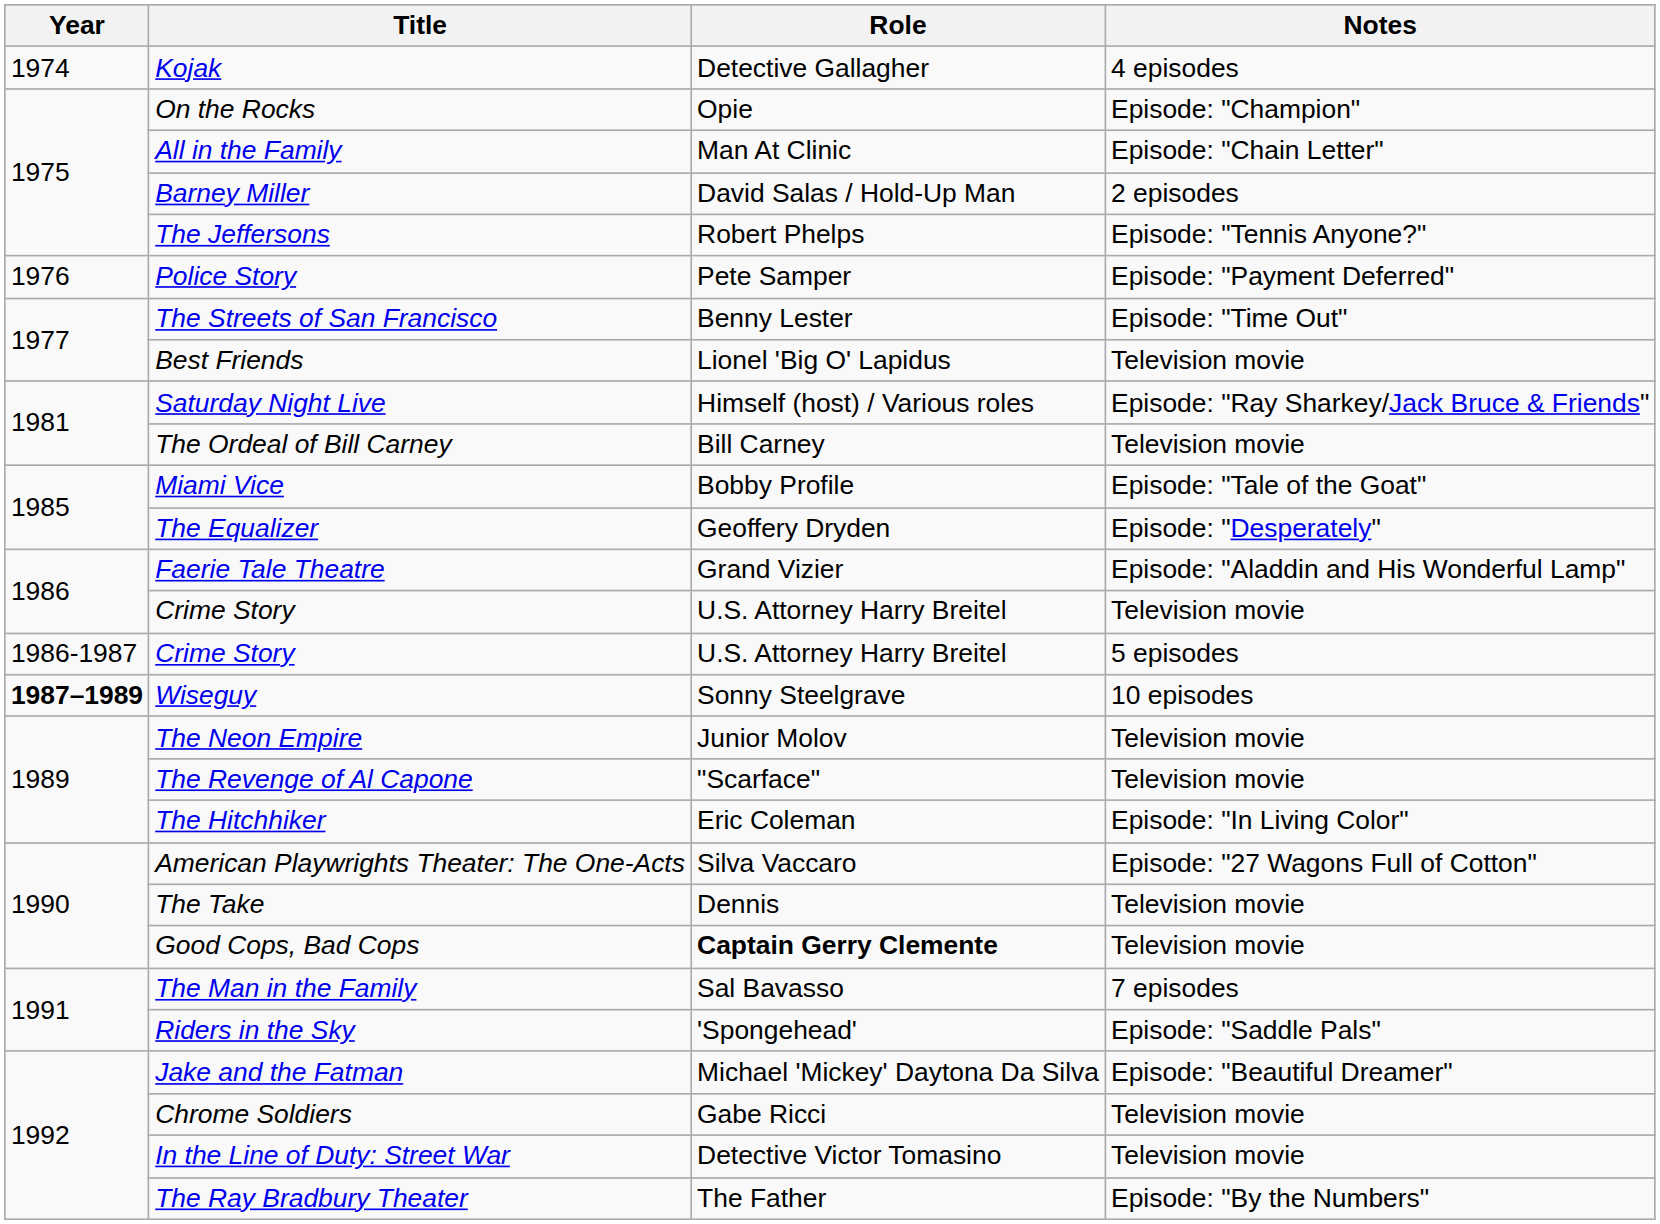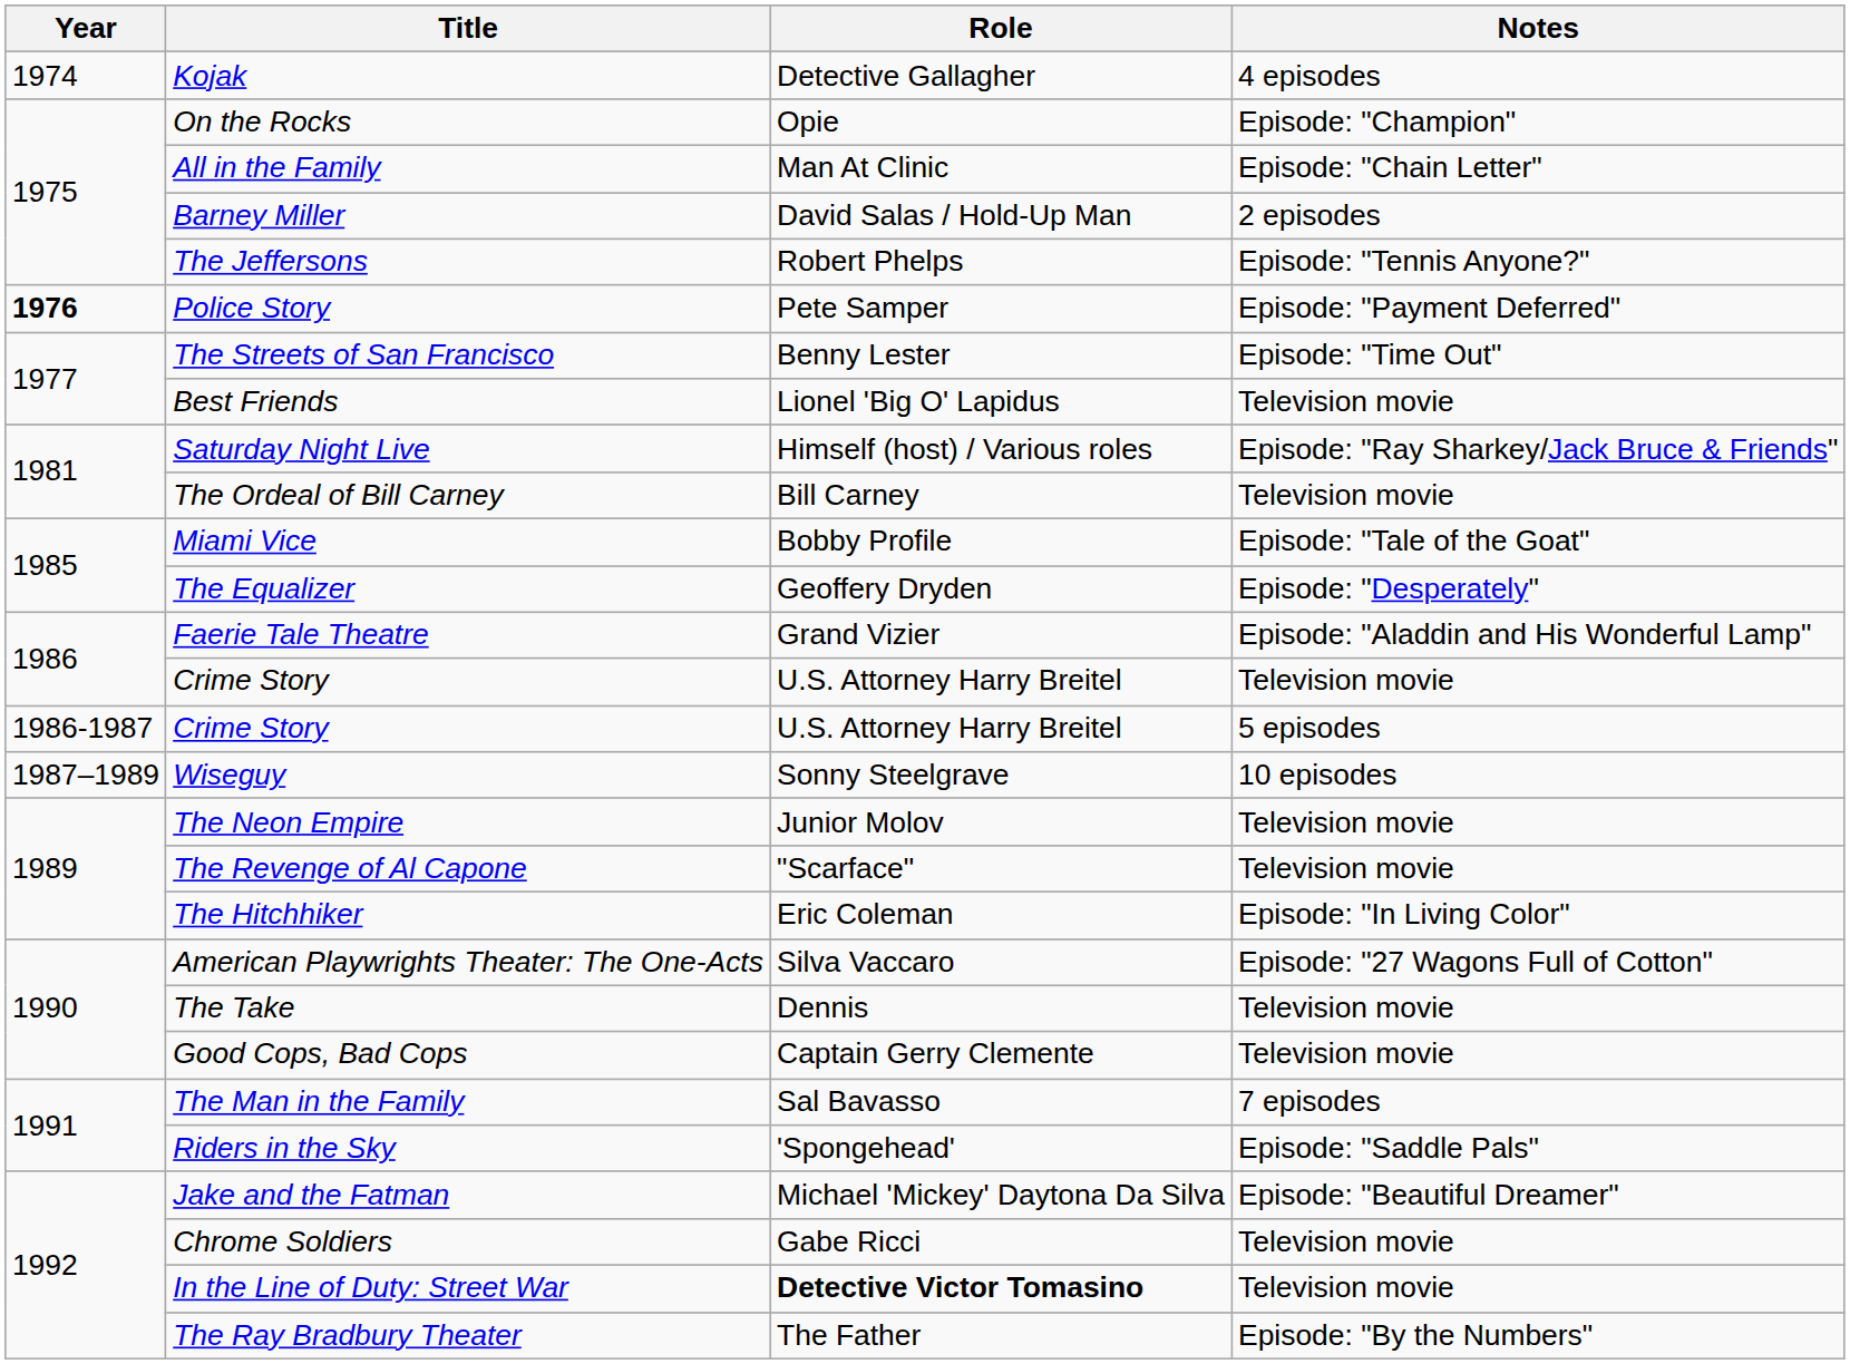 <table class="wikitable sortable">
 <tr>
 <th>Year</th>
 <th>Title</th>
 <th>Role</th>
 <th class="unsortable">Notes</th>
 </tr>
 <tr>
 <td>1974</td>
 <td><em><a href='#'>Kojak</a></em></td>
 <td>Detective Gallagher</td>
 <td>4 episodes</td>
 </tr>
 <tr>
 <td rowspan="4">1975</td>
 <td><em>On the Rocks</em></td>
 <td>Opie</td>
 <td>Episode: "Champion"</td>
 </tr>
 <tr>
 <td><em><a href='#'>All in the Family</a></em></td>
 <td>Man At Clinic</td>
 <td>Episode: "Chain Letter"</td>
 </tr>
 <tr>
 <td><em><a href='#'>Barney Miller</a></em></td>
 <td>David Salas / Hold-Up Man</td>
 <td>2 episodes</td>
 </tr>
 <tr>
 <td><em><a href='#'>The Jeffersons</a></em></td>
 <td>Robert Phelps</td>
 <td>Episode: "Tennis Anyone?"</td>
 </tr>
 <tr>
-<td>1976</td>
+<td><strong>1976</strong></td>
 <td><em><a href='#'>Police Story</a></em></td>
 <td>Pete Samper</td>
 <td>Episode: "Payment Deferred"</td>
 </tr>
 <tr>
 <td rowspan="2">1977</td>
 <td><em><a href='#'>The Streets of San Francisco</a></em></td>
 <td>Benny Lester</td>
 <td>Episode: "Time Out"</td>
 </tr>
 <tr>
 <td><em>Best Friends</em></td>
 <td>Lionel 'Big O' Lapidus</td>
 <td>Television movie</td>
 </tr>
 <tr>
 <td rowspan="2">1981</td>
 <td><em><a href='#'>Saturday Night Live</a></em></td>
 <td>Himself (host) / Various roles</td>
 <td>Episode: "Ray Sharkey/<a href='#'>Jack Bruce & Friends</a>"</td>
 </tr>
 <tr>
 <td><em>The Ordeal of Bill Carney</em></td>
 <td>Bill Carney</td>
 <td>Television movie</td>
 </tr>
 <tr>
 <td rowspan="2">1985</td>
 <td><em><a href='#'>Miami Vice</a></em></td>
 <td>Bobby Profile</td>
 <td>Episode: "Tale of the Goat"</td>
 </tr>
 <tr>
 <td><em><a href='#'>The Equalizer</a></em></td>
 <td>Geoffery Dryden</td>
 <td>Episode: "<a href='#'>Desperately</a>"</td>
 </tr>
 <tr>
 <td rowspan="2">1986</td>
 <td><em><a href='#'>Faerie Tale Theatre</a></em></td>
 <td>Grand Vizier</td>
 <td>Episode: "Aladdin and His Wonderful Lamp"</td>
 </tr>
 <tr>
 <td><em>Crime Story</em></td>
 <td>U.S. Attorney Harry Breitel</td>
 <td>Television movie</td>
 </tr>
 <tr>
 <td>1986-1987</td>
 <td><em><a href='#'>Crime Story</a></em></td>
 <td>U.S. Attorney Harry Breitel</td>
 <td>5 episodes</td>
 </tr>
 <tr>
-<td><strong>1987–1989</strong></td>
+<td>1987–1989</td>
 <td><em><a href='#'>Wiseguy</a></em></td>
 <td>Sonny Steelgrave</td>
 <td>10 episodes</td>
 </tr>
 <tr>
 <td rowspan="3">1989</td>
 <td><em><a href='#'>The Neon Empire</a></em></td>
 <td>Junior Molov</td>
 <td>Television movie</td>
 </tr>
 <tr>
 <td><em><a href='#'>The Revenge of Al Capone</a></em></td>
 <td>"Scarface"</td>
 <td>Television movie</td>
 </tr>
 <tr>
 <td><em><a href='#'>The Hitchhiker</a></em></td>
 <td>Eric Coleman</td>
 <td>Episode: "In Living Color"</td>
 </tr>
 <tr>
 <td rowspan="3">1990</td>
 <td><em>American Playwrights Theater: The One-Acts</em></td>
 <td>Silva Vaccaro</td>
 <td>Episode: "27 Wagons Full of Cotton"</td>
 </tr>
 <tr>
 <td><em>The Take</em></td>
 <td>Dennis</td>
 <td>Television movie</td>
 </tr>
 <tr>
 <td><em>Good Cops, Bad Cops</em></td>
-<td><strong>Captain Gerry Clemente</strong></td>
+<td>Captain Gerry Clemente</td>
 <td>Television movie</td>
 </tr>
 <tr>
 <td rowspan="2">1991</td>
 <td><em><a href='#'>The Man in the Family</a></em></td>
 <td>Sal Bavasso</td>
 <td>7 episodes</td>
 </tr>
 <tr>
 <td><em><a href='#'>Riders in the Sky</a></em></td>
 <td>'Spongehead'</td>
 <td>Episode: "Saddle Pals"</td>
 </tr>
 <tr>
 <td rowspan="4">1992</td>
 <td><em><a href='#'>Jake and the Fatman</a></em></td>
 <td>Michael 'Mickey' Daytona Da Silva</td>
 <td>Episode: "Beautiful Dreamer"</td>
 </tr>
 <tr>
 <td><em>Chrome Soldiers</em></td>
 <td>Gabe Ricci</td>
 <td>Television movie</td>
 </tr>
 <tr>
 <td><em><a href='#'>In the Line of Duty: Street War</a></em></td>
-<td>Detective Victor Tomasino</td>
+<td><strong>Detective Victor Tomasino</strong></td>
 <td>Television movie</td>
 </tr>
 <tr>
 <td><em><a href='#'>The Ray Bradbury Theater</a></em></td>
 <td>The Father</td>
 <td>Episode: "By the Numbers"</td>
 </tr>
 </table>
